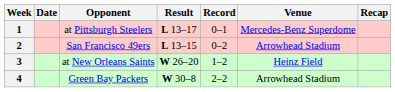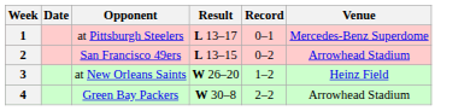 <table class="wikitable" style="text-align:center">
 <tr>
 <th>Week</th>
 <th>Date</th>
 <th>Opponent</th>
 <th>Result</th>
 <th>Record</th>
 <th>Venue</th>
-<th>Recap</th>
 </tr>
 <tr style="background:#fcc">
 <th>1</th>
 <td></td>
 <td>at <a href='#'>Pittsburgh Steelers</a></td>
 <td><strong>L</strong> 13–17</td>
 <td>0–1</td>
 <td><a href='#'>Mercedes-Benz Superdome</a></td>
-<td></td>
 </tr>
 <tr style="background:#fcc">
 <th>2</th>
 <td></td>
 <td><a href='#'>San Francisco 49ers</a></td>
 <td><strong>L</strong> 13–15</td>
 <td>0–2</td>
 <td><a href='#'>Arrowhead Stadium</a></td>
-<td></td>
 </tr>
 <tr style="background:#cfc">
 <th>3</th>
 <td></td>
 <td>at <a href='#'>New Orleans Saints</a></td>
 <td><strong>W</strong> 26–20 </td>
 <td>1–2</td>
 <td><a href='#'>Heinz Field</a></td>
-<td></td>
 </tr>
 <tr style="background:#cfc">
 <th>4</th>
 <td></td>
 <td><a href='#'>Green Bay Packers</a></td>
 <td><strong>W</strong> 30–8</td>
 <td>2–2</td>
 <td>Arrowhead Stadium</td>
-<td></td>
 </tr>
 </table>
